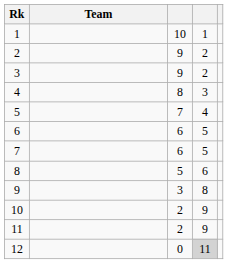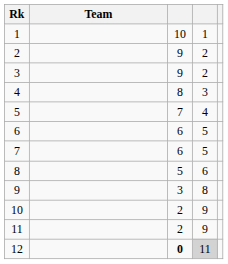 <table class=wikitable style="text-align:center; font-size:95%">
 <tr>
 <th width=25>Rk</th>
 <th width=170>Team</th>
 <th width=25></th>
 <th width=25></th>
 <th colspan=2></th>
 </tr>
 <tr>
 <td>1</td>
 <td align=left></td>
 <td>10</td>
 <td>1</td>
 <td colspan=2></td>
 </tr>
 <tr>
 <td>2</td>
 <td align=left></td>
 <td>9</td>
 <td>2</td>
 <td colspan=2></td>
 </tr>
 <tr>
 <td>3</td>
 <td align=left></td>
 <td>9</td>
 <td>2</td>
 <td colspan=2></td>
 </tr>
 <tr>
 <td>4</td>
 <td align=left></td>
 <td>8</td>
 <td>3</td>
 <td></td>
 </tr>
 <tr>
 <td>5</td>
 <td align=left></td>
 <td>7</td>
 <td>4</td>
 <td></td>
 </tr>
 <tr>
 <td>6</td>
 <td align=left></td>
 <td>6</td>
 <td>5</td>
 <td></td>
 </tr>
 <tr>
 <td>7</td>
 <td align=left></td>
 <td>6</td>
 <td>5</td>
 <td></td>
 </tr>
 <tr>
 <td>8</td>
 <td align=left></td>
 <td>5</td>
 <td>6</td>
 <td></td>
 </tr>
 <tr>
 <td>9</td>
 <td align=left></td>
 <td>3</td>
 <td>8</td>
 <td></td>
 </tr>
 <tr>
 <td>10</td>
 <td align=left></td>
 <td>2</td>
 <td>9</td>
 <td></td>
 </tr>
 <tr>
 <td>11</td>
 <td align=left></td>
 <td>2</td>
 <td>9</td>
 <td></td>
 </tr>
 <tr>
 <td>12</td>
 <td align=left></td>
-<td>0</td>
+<td><strong>0</strong></td>
 <td style="background: lightgrey;">11</td>
 <td></td>
 </tr>
 </table>
